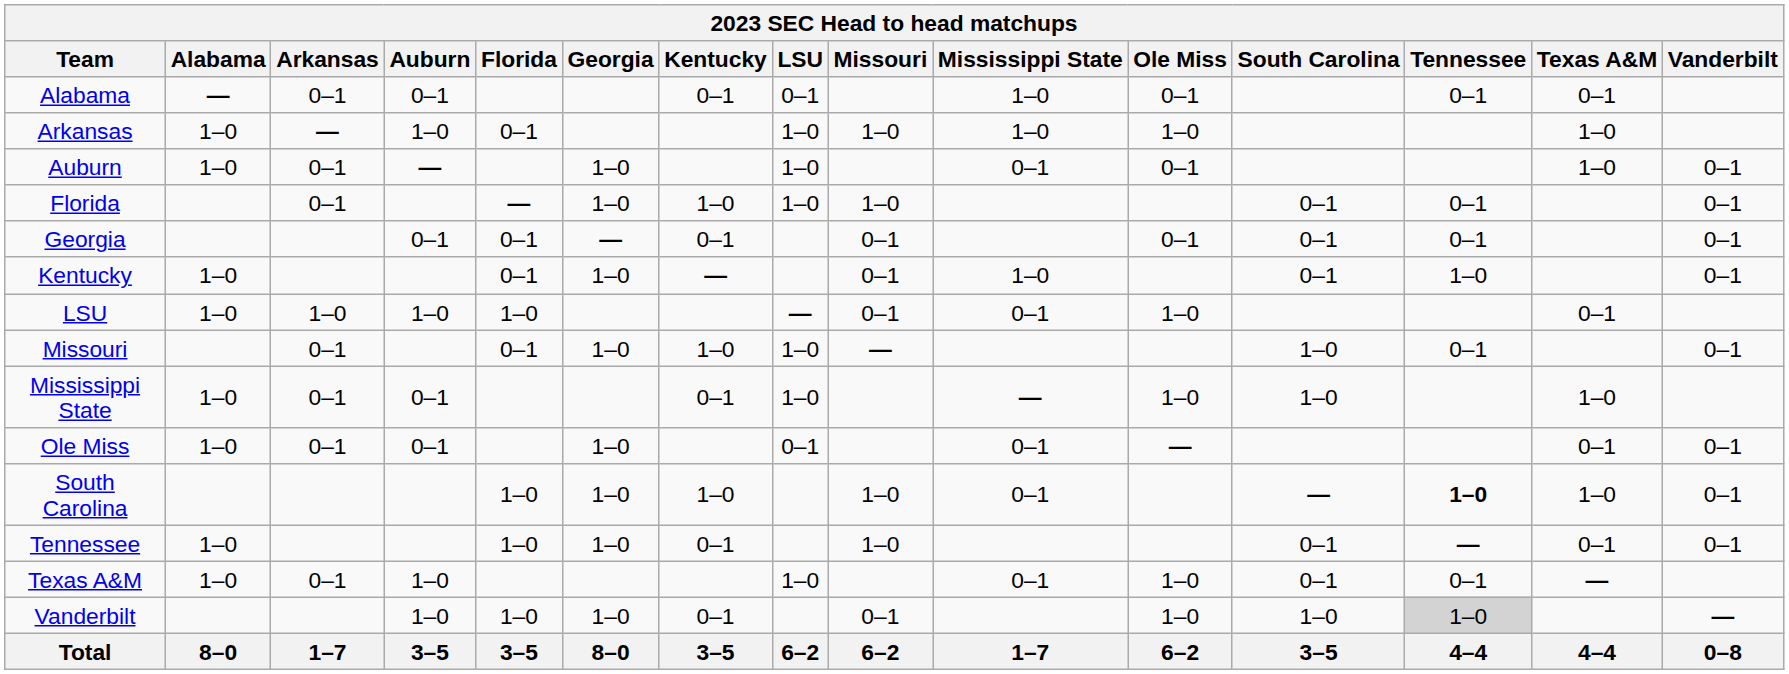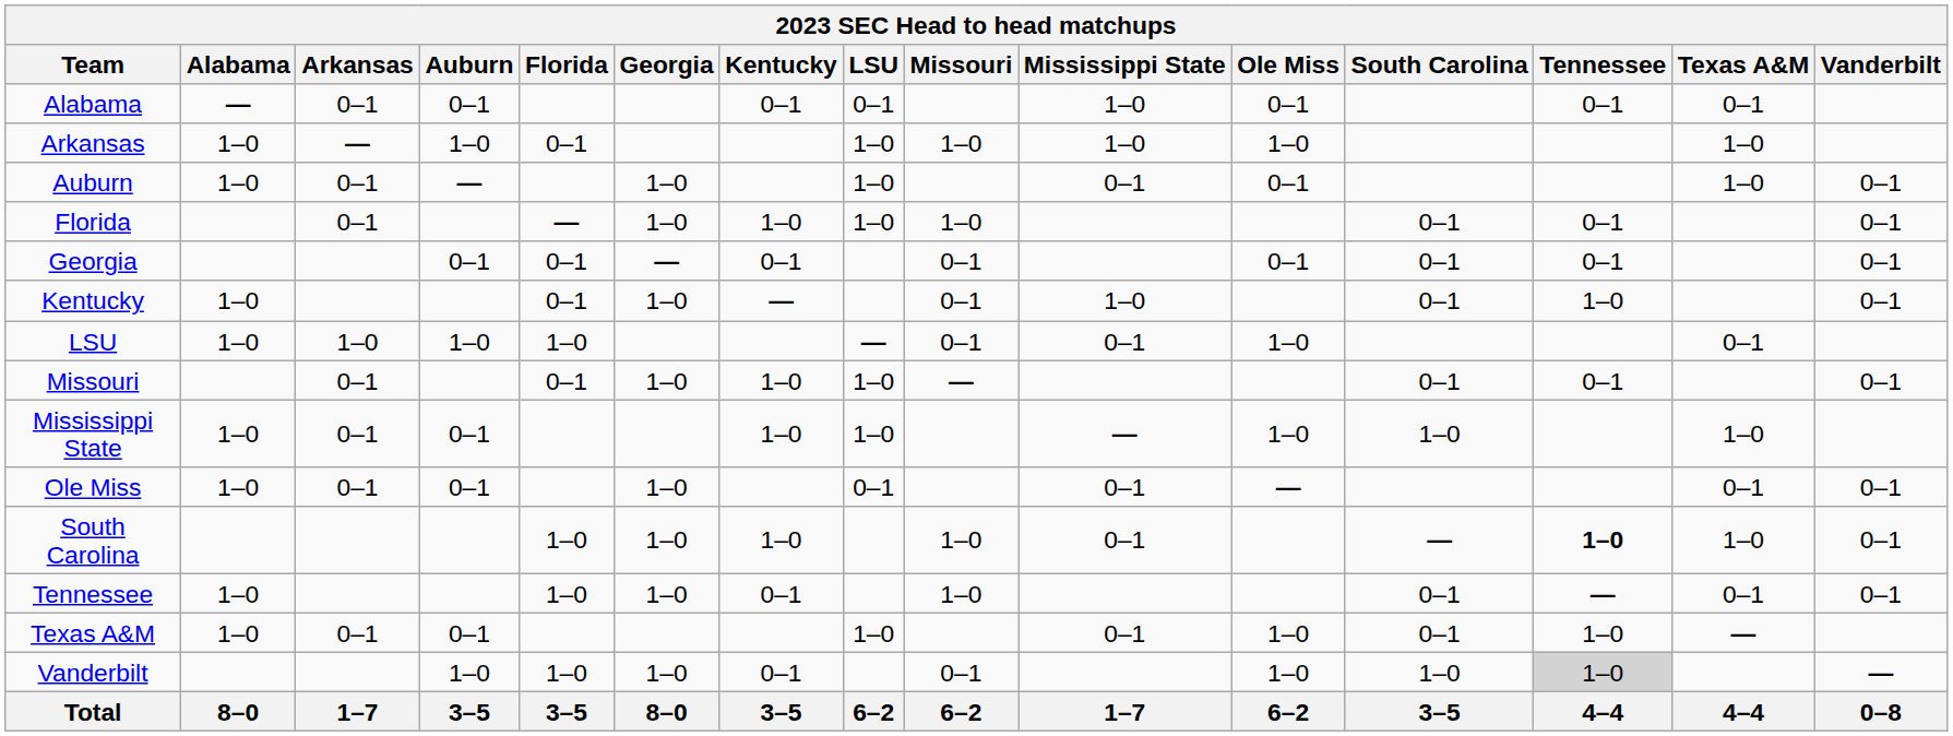 <table class="wikitable" style="font-size:95%; text-align:center;">
 <tr>
 <th colspan=17>2023 SEC Head to head matchups</th>
 </tr>
 <tr>
 <th style="width:100px;">Team</th>
 <th>Alabama</th>
 <th>Arkansas</th>
 <th>Auburn</th>
 <th>Florida</th>
 <th>Georgia</th>
 <th>Kentucky</th>
 <th>LSU</th>
 <th>Missouri</th>
 <th>Mississippi State</th>
 <th>Ole Miss</th>
 <th>South Carolina</th>
 <th>Tennessee</th>
 <th>Texas A&M</th>
 <th>Vanderbilt</th>
 </tr>
 <tr>
 <td><a href='#'>Alabama</a></td>
 <td><strong>—</strong></td>
 <td>0–1</td>
 <td>0–1</td>
 <td></td>
 <td></td>
 <td>0–1</td>
 <td>0–1</td>
 <td></td>
 <td>1–0</td>
 <td>0–1</td>
 <td></td>
 <td>0–1</td>
 <td>0–1</td>
 <td></td>
 </tr>
 <tr>
 <td><a href='#'>Arkansas</a></td>
 <td>1–0</td>
 <td><strong>—</strong></td>
 <td>1–0</td>
 <td>0–1</td>
 <td></td>
 <td></td>
 <td>1–0</td>
 <td>1–0</td>
 <td>1–0</td>
 <td>1–0</td>
 <td></td>
 <td></td>
 <td>1–0</td>
 <td></td>
 </tr>
 <tr>
 <td><a href='#'>Auburn</a></td>
 <td>1–0</td>
 <td>0–1</td>
 <td><strong>—</strong></td>
 <td></td>
 <td>1–0</td>
 <td></td>
 <td>1–0</td>
 <td></td>
 <td>0–1</td>
 <td>0–1</td>
 <td></td>
 <td></td>
 <td>1–0</td>
 <td>0–1</td>
 </tr>
 <tr>
 <td><a href='#'>Florida</a></td>
 <td></td>
 <td>0–1</td>
 <td></td>
 <td><strong>—</strong></td>
 <td>1–0</td>
 <td>1–0</td>
 <td>1–0</td>
 <td>1–0</td>
 <td></td>
 <td></td>
 <td>0–1</td>
 <td>0–1</td>
 <td></td>
 <td>0–1</td>
 </tr>
 <tr>
 <td><a href='#'>Georgia</a></td>
 <td></td>
 <td></td>
 <td>0–1</td>
 <td>0–1</td>
 <td><strong>—</strong></td>
 <td>0–1</td>
 <td></td>
 <td>0–1</td>
 <td></td>
 <td>0–1</td>
 <td>0–1</td>
 <td>0–1</td>
 <td></td>
 <td>0–1</td>
 </tr>
 <tr>
 <td><a href='#'>Kentucky</a></td>
 <td>1–0</td>
 <td></td>
 <td></td>
 <td>0–1</td>
 <td>1–0</td>
 <td><strong>—</strong></td>
 <td></td>
 <td>0–1</td>
 <td>1–0</td>
 <td></td>
 <td>0–1</td>
 <td>1–0</td>
 <td></td>
 <td>0–1</td>
 </tr>
 <tr>
 <td><a href='#'>LSU</a></td>
 <td>1–0</td>
 <td>1–0</td>
 <td>1–0</td>
 <td>1–0</td>
 <td></td>
 <td></td>
 <td><strong>—</strong></td>
 <td>0–1</td>
 <td>0–1</td>
 <td>1–0</td>
 <td></td>
 <td></td>
 <td>0–1</td>
 <td></td>
 </tr>
 <tr>
 <td><a href='#'>Missouri</a></td>
 <td></td>
 <td>0–1</td>
 <td></td>
 <td>0–1</td>
 <td>1–0</td>
 <td>1–0</td>
 <td>1–0</td>
 <td><strong>—</strong></td>
 <td></td>
 <td></td>
-<td>1–0</td>
+<td>0–1</td>
 <td>0–1</td>
 <td></td>
 <td>0–1</td>
 </tr>
 <tr>
 <td><a href='#'>Mississippi State</a></td>
 <td>1–0</td>
 <td>0–1</td>
 <td>0–1</td>
 <td></td>
 <td></td>
-<td>0–1</td>
+<td>1–0</td>
 <td>1–0</td>
 <td></td>
 <td><strong>—</strong></td>
 <td>1–0</td>
 <td>1–0</td>
 <td></td>
 <td>1–0</td>
 <td></td>
 </tr>
 <tr>
 <td><a href='#'>Ole Miss</a></td>
 <td>1–0</td>
 <td>0–1</td>
 <td>0–1</td>
 <td></td>
 <td>1–0</td>
 <td></td>
 <td>0–1</td>
 <td></td>
 <td>0–1</td>
 <td><strong>—</strong></td>
 <td></td>
 <td></td>
 <td>0–1</td>
 <td>0–1</td>
 </tr>
 <tr>
 <td><a href='#'>South Carolina</a></td>
 <td></td>
 <td></td>
 <td></td>
 <td>1–0</td>
 <td>1–0</td>
 <td>1–0</td>
 <td></td>
 <td>1–0</td>
 <td>0–1</td>
 <td></td>
 <td><strong>—</strong></td>
 <td><strong>1–0</strong></td>
 <td>1–0</td>
 <td>0–1</td>
 </tr>
 <tr>
 <td><a href='#'>Tennessee</a></td>
 <td>1–0</td>
 <td></td>
 <td></td>
 <td>1–0</td>
 <td>1–0</td>
 <td>0–1</td>
 <td></td>
 <td>1–0</td>
 <td></td>
 <td></td>
 <td>0–1</td>
 <td><strong>—</strong></td>
 <td>0–1</td>
 <td>0–1</td>
 </tr>
 <tr>
 <td><a href='#'>Texas A&M</a></td>
 <td>1–0</td>
 <td>0–1</td>
-<td>1–0</td>
+<td>0–1</td>
 <td></td>
 <td></td>
 <td></td>
 <td>1–0</td>
 <td></td>
 <td>0–1</td>
 <td>1–0</td>
 <td>0–1</td>
-<td>0–1</td>
+<td>1–0</td>
 <td><strong>—</strong></td>
 <td></td>
 </tr>
 <tr>
 <td><a href='#'>Vanderbilt</a></td>
 <td></td>
 <td></td>
 <td>1–0</td>
 <td>1–0</td>
 <td>1–0</td>
 <td>0–1</td>
 <td></td>
 <td>0–1</td>
 <td></td>
 <td>1–0</td>
 <td>1–0</td>
 <td style="background: lightgrey;">1–0</td>
 <td></td>
 <td><strong>—</strong><br></td>
 </tr>
 <tr style="text-align:center;">
 <th>Total</th>
 <th>8–0</th>
 <th>1–7</th>
 <th>3–5</th>
 <th>3–5</th>
 <th>8–0</th>
 <th>3–5</th>
 <th>6–2</th>
 <th>6–2</th>
 <th>1–7</th>
 <th>6–2</th>
 <th>3–5</th>
 <th>4–4</th>
 <th>4–4</th>
 <th>0–8</th>
 </tr>
 </table>
